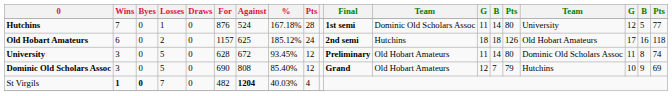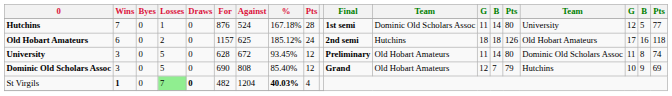 <table style="font-size: 85%; text-align: left;" class="wikitable">
 <tr>
 <th style="color:crimson">0</th>
 <th style="color:crimson">Wins</th>
 <th style="color:crimson">Byes</th>
 <th style="color:crimson">Losses</th>
 <th style="color:crimson">Draws</th>
 <th style="color:crimson">For</th>
 <th style="color:crimson">Against</th>
 <th style="color:crimson">%</th>
 <th style="color:crimson">Pts</th>
 <th></th>
 <th style="color:green">Final</th>
 <th style="color:green">Team</th>
 <th style="color:green">G</th>
 <th style="color:green">B</th>
 <th style="color:green">Pts</th>
 <th style="color:green">Team</th>
 <th style="color:green">G</th>
 <th style="color:green">B</th>
 <th style="color:green">Pts</th>
 </tr>
 <tr>
 </tr>
 <tr>
 </tr>
 <tr>
 <td><strong>	Hutchins	</strong></td>
 <td>7</td>
 <td>0</td>
 <td>1</td>
 <td>0</td>
 <td>876</td>
 <td>524</td>
 <td>167.18%</td>
 <td>28</td>
 <td></td>
 <td><strong>1st semi</strong></td>
 <td>Dominic Old Scholars Assoc</td>
 <td>11</td>
 <td>14</td>
 <td>80</td>
 <td>University</td>
 <td>12</td>
 <td>5</td>
 <td>77</td>
 </tr>
 <tr>
 <td><strong>	Old Hobart Amateurs	</strong></td>
 <td>6</td>
 <td>0</td>
 <td>2</td>
 <td>0</td>
 <td>1157</td>
 <td>625</td>
 <td>185.12%</td>
 <td>24</td>
 <td></td>
 <td><strong>2nd semi</strong></td>
 <td>Hutchins</td>
 <td>18</td>
 <td>18</td>
 <td>126</td>
 <td>Old Hobart Amateurs</td>
 <td>17</td>
 <td>16</td>
 <td>118</td>
 </tr>
 <tr>
 <td><strong>	University	</strong></td>
 <td>3</td>
 <td>0</td>
 <td>5</td>
 <td>0</td>
 <td>628</td>
 <td>672</td>
 <td>93.45%</td>
 <td>12</td>
 <td></td>
 <td><strong>Preliminary</strong></td>
 <td>Old Hobart Amateurs</td>
 <td>11</td>
 <td>14</td>
 <td>80</td>
 <td>Dominic Old Scholars Assoc</td>
 <td>11</td>
 <td>8</td>
 <td>74</td>
 </tr>
 <tr>
 <td><strong>	Dominic Old Scholars Assoc	</strong></td>
 <td>3</td>
 <td>0</td>
 <td>5</td>
 <td>0</td>
 <td>690</td>
 <td>808</td>
 <td>85.40%</td>
 <td>12</td>
 <td></td>
 <td><strong>Grand</strong></td>
 <td>Old Hobart Amateurs</td>
 <td>12</td>
 <td>7</td>
 <td>79</td>
 <td>Hutchins</td>
 <td>10</td>
 <td>9</td>
 <td>69</td>
 </tr>
 <tr>
 <td>St Virgils</td>
 <td><strong>1</strong></td>
+<td>0</td>
+<td style="background: lightgreen;">7</td>
 <td><strong>0</strong></td>
-<td>7</td>
-<td>0</td>
 <td>482</td>
-<td><strong>1204</strong></td>
-<td>40.03%</td>
+<td>1204</td>
+<td><strong>40.03%</strong></td>
 <td>4</td>
 <td></td>
 </tr>
 <tr>
 </tr>
 </table>
